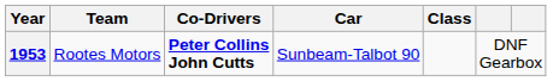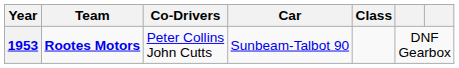 <table class="wikitable" style="text-align:center; font-size:90%">
 <tr>
 <th>Year</th>
 <th>Team</th>
 <th>Co-Drivers</th>
 <th>Car</th>
 <th>Class</th>
 <th></th>
 <th></th>
 </tr>
 <tr>
 <th><a href='#'>1953</a></th>
-<td align="left"> <a href='#'>Rootes Motors</a></td>
-<td align="left"><strong> <a href='#'>Peter Collins</a><br> John Cutts</strong></td>
+<td align="left"><strong> <a href='#'>Rootes Motors</a></strong></td>
+<td align="left"> <a href='#'>Peter Collins</a><br> John Cutts</td>
 <td align="left"><a href='#'>Sunbeam-Talbot 90</a></td>
 <td></td>
 <td colspan=2>DNF<br>Gearbox</td>
 </tr>
 </table>
